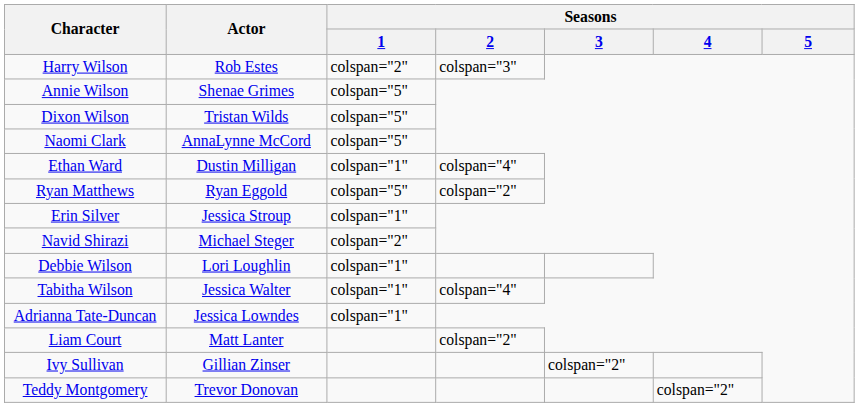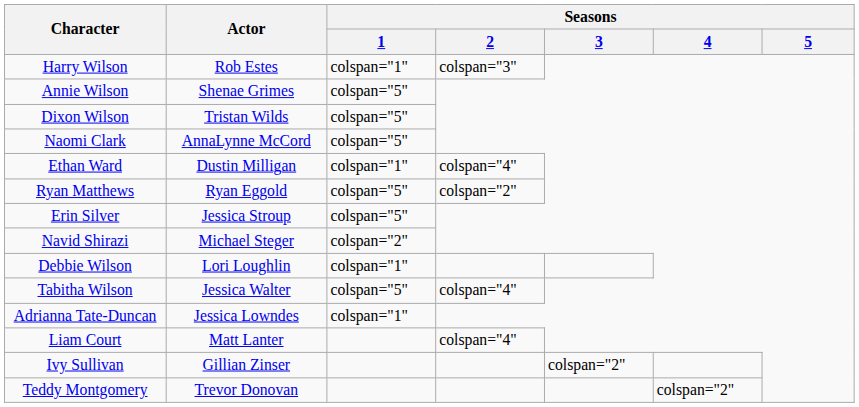 <table class="wikitable plainrowheaders">
 <tr>
 <th scope="col" rowspan="2" style="width:14%;">Character</th>
 <th scope="col" rowspan="2" style="width:14%;">Actor</th>
 <th scope="col" colspan="9">Seasons</th>
 </tr>
 <tr>
 <th scope="col" style="width:8%;"><a href='#'>1</a></th>
 <th scope="col" style="width:8%;"><a href='#'>2</a></th>
 <th scope="col" style="width:8%;"><a href='#'>3</a></th>
 <th scope="col" style="width:8%;"><a href='#'>4</a></th>
 <th scope="col" style="width:8%;"><a href='#'>5</a></th>
 </tr>
 <tr>
 <td style="text-align:center;"><a href='#'>Harry Wilson</a></td>
 <td style="text-align:center;"><a href='#'>Rob Estes</a></td>
-<td>colspan="2" </td>
+<td>colspan="1" </td>
 <td>colspan="3" </td>
 </tr>
 <tr>
 <td style="text-align:center;"><a href='#'>Annie Wilson</a></td>
 <td style="text-align:center;"><a href='#'>Shenae Grimes</a></td>
 <td>colspan="5" </td>
 </tr>
 <tr>
 <td style="text-align:center;"><a href='#'>Dixon Wilson</a></td>
 <td style="text-align:center;"><a href='#'>Tristan Wilds</a></td>
 <td>colspan="5" </td>
 </tr>
 <tr>
 <td style="text-align:center;"><a href='#'>Naomi Clark</a></td>
 <td style="text-align:center;"><a href='#'>AnnaLynne McCord</a></td>
 <td>colspan="5" </td>
 </tr>
 <tr>
 <td style="text-align:center;"><a href='#'>Ethan Ward</a></td>
 <td style="text-align:center;"><a href='#'>Dustin Milligan</a></td>
 <td>colspan="1" </td>
 <td>colspan="4" </td>
 </tr>
 <tr>
 <td style="text-align:center;"><a href='#'>Ryan Matthews</a></td>
 <td style="text-align:center;"><a href='#'>Ryan Eggold</a></td>
 <td>colspan="5" </td>
 <td>colspan="2" </td>
 </tr>
 <tr>
 <td style="text-align:center;"><a href='#'>Erin Silver</a></td>
 <td style="text-align:center;"><a href='#'>Jessica Stroup</a></td>
-<td>colspan="1" </td>
+<td>colspan="5" </td>
 </tr>
 <tr>
 <td style="text-align:center;"><a href='#'>Navid Shirazi</a></td>
 <td style="text-align:center;"><a href='#'>Michael Steger</a></td>
 <td>colspan="2" </td>
 </tr>
 <tr>
 <td style="text-align:center;"><a href='#'>Debbie Wilson</a></td>
 <td style="text-align:center;"><a href='#'>Lori Loughlin</a></td>
 <td>colspan="1" </td>
 <td></td>
 <td></td>
 </tr>
 <tr>
 <td style="text-align:center;"><a href='#'>Tabitha Wilson</a></td>
 <td style="text-align:center;"><a href='#'>Jessica Walter</a></td>
-<td>colspan="1" </td>
+<td>colspan="5" </td>
 <td>colspan="4" </td>
 </tr>
 <tr>
 <td style="text-align:center;"><a href='#'>Adrianna Tate-Duncan</a></td>
 <td style="text-align:center;"><a href='#'>Jessica Lowndes</a></td>
 <td>colspan="1" </td>
 </tr>
 <tr>
 <td style="text-align:center;"><a href='#'>Liam Court</a></td>
 <td style="text-align:center;"><a href='#'>Matt Lanter</a></td>
 <td></td>
-<td>colspan="2" </td>
+<td>colspan="4" </td>
 </tr>
 <tr>
 <td style="text-align:center;"><a href='#'>Ivy Sullivan</a></td>
 <td style="text-align:center;"><a href='#'>Gillian Zinser</a></td>
 <td></td>
 <td></td>
 <td>colspan="2" </td>
 <td></td>
 </tr>
 <tr>
 <td style="text-align:center;"><a href='#'>Teddy Montgomery</a></td>
 <td style="text-align:center;"><a href='#'>Trevor Donovan</a></td>
 <td></td>
 <td></td>
 <td></td>
 <td>colspan="2" </td>
 </tr>
 </table>
